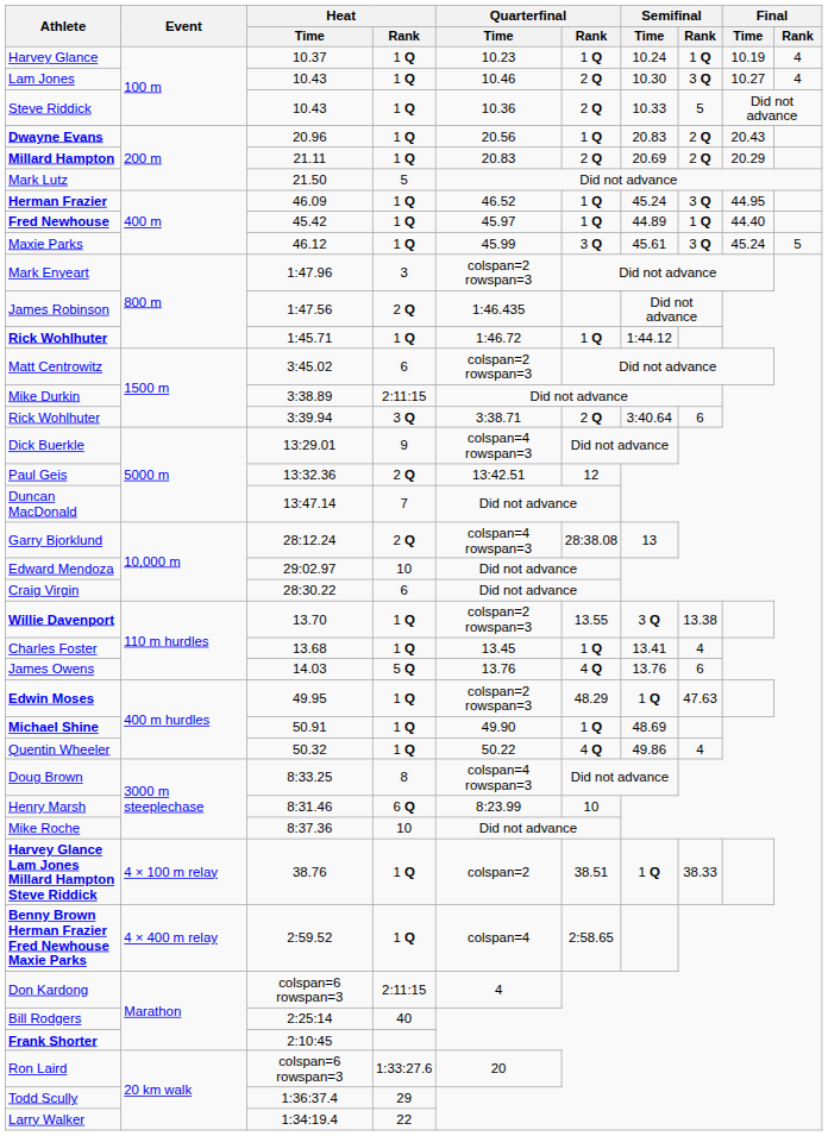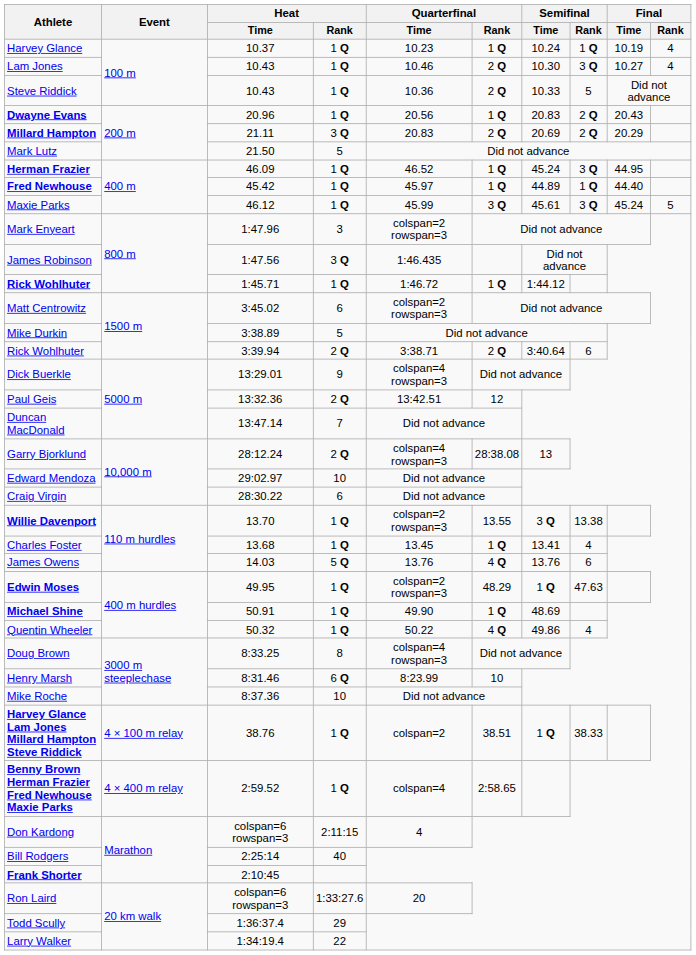 <table class=wikitable style=font-size:90%;text-align:center>
 <tr>
 <th rowspan=2>Athlete</th>
 <th rowspan=2>Event</th>
 <th colspan=2>Heat</th>
 <th colspan=2>Quarterfinal</th>
 <th colspan=2>Semifinal</th>
 <th colspan=2>Final</th>
 </tr>
 <tr style=font-size:95%>
 <th>Time</th>
 <th>Rank</th>
 <th>Time</th>
 <th>Rank</th>
 <th>Time</th>
 <th>Rank</th>
 <th>Time</th>
 <th>Rank</th>
 </tr>
 <tr>
 <td align=left><a href='#'>Harvey Glance</a></td>
 <td align=left rowspan=3><a href='#'>100 m</a></td>
 <td>10.37</td>
 <td>1 <strong>Q</strong></td>
 <td>10.23</td>
 <td>1 <strong>Q</strong></td>
 <td>10.24</td>
 <td>1 <strong>Q</strong></td>
 <td>10.19</td>
 <td>4</td>
 </tr>
 <tr>
 <td align=left><a href='#'>Lam Jones</a></td>
 <td>10.43</td>
 <td>1 <strong>Q</strong></td>
 <td>10.46</td>
 <td>2 <strong>Q</strong></td>
 <td>10.30</td>
 <td>3 <strong>Q</strong></td>
 <td>10.27</td>
 <td>4</td>
 </tr>
 <tr>
 <td align=left><a href='#'>Steve Riddick</a></td>
 <td>10.43</td>
 <td>1 <strong>Q</strong></td>
 <td>10.36</td>
 <td>2 <strong>Q</strong></td>
 <td>10.33</td>
 <td>5</td>
 <td colspan=2>Did not advance</td>
 </tr>
 <tr>
 <td align=left><strong><a href='#'>Dwayne Evans</a></strong></td>
 <td align=left rowspan=3><a href='#'>200 m</a></td>
 <td>20.96</td>
 <td>1 <strong>Q</strong></td>
 <td>20.56</td>
 <td>1 <strong>Q</strong></td>
 <td>20.83</td>
 <td>2 <strong>Q</strong></td>
 <td>20.43</td>
 <td></td>
 </tr>
 <tr>
 <td align=left><strong><a href='#'>Millard Hampton</a></strong></td>
 <td>21.11</td>
-<td>1 <strong>Q</strong></td>
+<td>3 <strong>Q</strong></td>
 <td>20.83</td>
 <td>2 <strong>Q</strong></td>
 <td>20.69</td>
 <td>2 <strong>Q</strong></td>
 <td>20.29</td>
 <td></td>
 </tr>
 <tr>
 <td align=left><a href='#'>Mark Lutz</a></td>
 <td>21.50</td>
 <td>5</td>
 <td colspan=6>Did not advance</td>
 </tr>
 <tr>
 <td align=left><strong><a href='#'>Herman Frazier</a></strong></td>
 <td align=left rowspan=3><a href='#'>400 m</a></td>
 <td>46.09</td>
 <td>1 <strong>Q</strong></td>
 <td>46.52</td>
 <td>1 <strong>Q</strong></td>
 <td>45.24</td>
 <td>3 <strong>Q</strong></td>
 <td>44.95</td>
 <td></td>
 </tr>
 <tr>
 <td align=left><strong><a href='#'>Fred Newhouse</a></strong></td>
 <td>45.42</td>
 <td>1 <strong>Q</strong></td>
 <td>45.97</td>
 <td>1 <strong>Q</strong></td>
 <td>44.89</td>
 <td>1 <strong>Q</strong></td>
 <td>44.40</td>
 <td></td>
 </tr>
 <tr>
 <td align=left><a href='#'>Maxie Parks</a></td>
 <td>46.12</td>
 <td>1 <strong>Q</strong></td>
 <td>45.99</td>
 <td>3 <strong>Q</strong></td>
 <td>45.61</td>
 <td>3 <strong>Q</strong></td>
 <td>45.24</td>
 <td>5</td>
 </tr>
 <tr>
 <td align=left><a href='#'>Mark Enyeart</a></td>
 <td align=left rowspan=3><a href='#'>800 m</a></td>
 <td>1:47.96</td>
 <td>3</td>
 <td>colspan=2 rowspan=3 </td>
 <td colspan=4>Did not advance</td>
 </tr>
 <tr>
 <td align=left><a href='#'>James Robinson</a></td>
 <td>1:47.56</td>
-<td>2 <strong>Q</strong></td>
+<td>3 <strong>Q</strong></td>
 <td>1:46.435</td>
 <td></td>
 <td colspan=2>Did not advance</td>
 </tr>
 <tr>
 <td align=left><strong><a href='#'>Rick Wohlhuter</a></strong></td>
 <td>1:45.71</td>
 <td>1 <strong>Q</strong></td>
 <td>1:46.72</td>
 <td>1 <strong>Q</strong></td>
 <td>1:44.12</td>
 <td></td>
 </tr>
 <tr>
 <td align=left><a href='#'>Matt Centrowitz</a></td>
 <td align=left rowspan=3><a href='#'>1500 m</a></td>
 <td>3:45.02</td>
 <td>6</td>
 <td>colspan=2 rowspan=3 </td>
 <td colspan=4>Did not advance</td>
 </tr>
 <tr>
 <td align=left><a href='#'>Mike Durkin</a></td>
 <td>3:38.89</td>
-<td>2:11:15</td>
+<td>5</td>
 <td colspan=4>Did not advance</td>
 </tr>
 <tr>
 <td align=left><a href='#'>Rick Wohlhuter</a></td>
 <td>3:39.94</td>
-<td>3 <strong>Q</strong></td>
+<td>2 <strong>Q</strong></td>
 <td>3:38.71</td>
 <td>2 <strong>Q</strong></td>
 <td>3:40.64</td>
 <td>6</td>
 </tr>
 <tr>
 <td align=left><a href='#'>Dick Buerkle</a></td>
 <td align=left rowspan=3><a href='#'>5000 m</a></td>
 <td>13:29.01</td>
 <td>9</td>
 <td>colspan=4 rowspan=3 </td>
 <td colspan=2>Did not advance</td>
 </tr>
 <tr>
 <td align=left><a href='#'>Paul Geis</a></td>
 <td>13:32.36</td>
 <td>2 <strong>Q</strong></td>
 <td>13:42.51</td>
 <td>12</td>
 </tr>
 <tr>
 <td align=left><a href='#'>Duncan MacDonald</a></td>
 <td>13:47.14</td>
 <td>7</td>
 <td colspan=2>Did not advance</td>
 </tr>
 <tr>
 <td align=left><a href='#'>Garry Bjorklund</a></td>
 <td align=left rowspan=3><a href='#'>10,000 m</a></td>
 <td>28:12.24</td>
 <td>2 <strong>Q</strong></td>
 <td>colspan=4 rowspan=3 </td>
 <td>28:38.08</td>
 <td>13</td>
 </tr>
 <tr>
 <td align=left><a href='#'>Edward Mendoza</a></td>
 <td>29:02.97</td>
 <td>10</td>
 <td colspan=2>Did not advance</td>
 </tr>
 <tr>
 <td align=left><a href='#'>Craig Virgin</a></td>
 <td>28:30.22</td>
 <td>6</td>
 <td colspan=2>Did not advance</td>
 </tr>
 <tr>
 <td align=left><strong><a href='#'>Willie Davenport</a></strong></td>
 <td align=left rowspan=3><a href='#'>110 m hurdles</a></td>
 <td>13.70</td>
 <td>1 <strong>Q</strong></td>
 <td>colspan=2 rowspan=3 </td>
 <td>13.55</td>
 <td>3 <strong>Q</strong></td>
 <td>13.38</td>
 <td></td>
 </tr>
 <tr>
 <td align=left><a href='#'>Charles Foster</a></td>
 <td>13.68</td>
 <td>1 <strong>Q</strong></td>
 <td>13.45</td>
 <td>1 <strong>Q</strong></td>
 <td>13.41</td>
 <td>4</td>
 </tr>
 <tr>
 <td align=left><a href='#'>James Owens</a></td>
 <td>14.03</td>
 <td>5 <strong>Q</strong></td>
 <td>13.76</td>
 <td>4 <strong>Q</strong></td>
 <td>13.76</td>
 <td>6</td>
 </tr>
 <tr>
 <td align=left><strong><a href='#'>Edwin Moses</a></strong></td>
 <td align=left rowspan=3><a href='#'>400 m hurdles</a></td>
 <td>49.95</td>
 <td>1 <strong>Q</strong></td>
 <td>colspan=2 rowspan=3 </td>
 <td>48.29</td>
 <td>1 <strong>Q</strong></td>
 <td>47.63 </td>
 <td></td>
 </tr>
 <tr>
 <td align=left><strong><a href='#'>Michael Shine</a></strong></td>
 <td>50.91</td>
 <td>1 <strong>Q</strong></td>
 <td>49.90</td>
 <td>1 <strong>Q</strong></td>
 <td>48.69</td>
 <td></td>
 </tr>
 <tr>
 <td align=left><a href='#'>Quentin Wheeler</a></td>
 <td>50.32</td>
 <td>1 <strong>Q</strong></td>
 <td>50.22</td>
 <td>4 <strong>Q</strong></td>
 <td>49.86</td>
 <td>4</td>
 </tr>
 <tr>
 <td align=left><a href='#'>Doug Brown</a></td>
 <td align=left rowspan=3><a href='#'>3000 m steeplechase</a></td>
 <td>8:33.25</td>
 <td>8</td>
 <td>colspan=4 rowspan=3 </td>
 <td colspan=2>Did not advance</td>
 </tr>
 <tr>
 <td align=left><a href='#'>Henry Marsh</a></td>
 <td>8:31.46</td>
 <td>6 <strong>Q</strong></td>
 <td>8:23.99</td>
 <td>10</td>
 </tr>
 <tr>
 <td align=left><a href='#'>Mike Roche</a></td>
 <td>8:37.36</td>
 <td>10</td>
 <td colspan=2>Did not advance</td>
 </tr>
 <tr>
 <td align=left><strong><a href='#'>Harvey Glance</a><br><a href='#'>Lam Jones</a><br><a href='#'>Millard Hampton</a><br><a href='#'>Steve Riddick</a></strong></td>
 <td align=left><a href='#'>4 × 100 m relay</a></td>
 <td>38.76</td>
 <td>1 <strong>Q</strong></td>
 <td>colspan=2 </td>
 <td>38.51</td>
 <td>1 <strong>Q</strong></td>
 <td>38.33</td>
 <td></td>
 </tr>
 <tr>
 <td align=left><strong><a href='#'>Benny Brown</a><br><a href='#'>Herman Frazier</a><br><a href='#'>Fred Newhouse</a><br><a href='#'>Maxie Parks</a></strong></td>
 <td align=left><a href='#'>4 × 400 m relay</a></td>
 <td>2:59.52</td>
 <td>1 <strong>Q</strong></td>
 <td>colspan=4 </td>
 <td>2:58.65</td>
 <td></td>
 </tr>
 <tr>
 <td align=left><a href='#'>Don Kardong</a></td>
 <td align=left rowspan=3><a href='#'>Marathon</a></td>
 <td>colspan=6 rowspan=3 </td>
 <td>2:11:15</td>
 <td>4</td>
 </tr>
 <tr>
 <td align=left><a href='#'>Bill Rodgers</a></td>
 <td>2:25:14</td>
 <td>40</td>
 </tr>
 <tr>
 <td align=left><strong><a href='#'>Frank Shorter</a></strong></td>
 <td>2:10:45</td>
 <td></td>
 </tr>
 <tr>
 <td align=left><a href='#'>Ron Laird</a></td>
 <td align=left rowspan=3><a href='#'>20 km walk</a></td>
 <td>colspan=6 rowspan=3 </td>
 <td>1:33:27.6</td>
 <td>20</td>
 </tr>
 <tr>
 <td align=left><a href='#'>Todd Scully</a></td>
 <td>1:36:37.4</td>
 <td>29</td>
 </tr>
 <tr>
 <td align=left><a href='#'>Larry Walker</a></td>
 <td>1:34:19.4</td>
 <td>22</td>
 </tr>
 </table>
